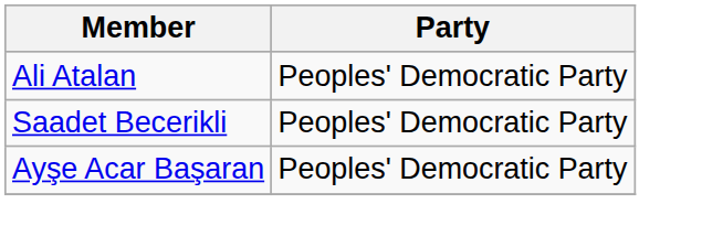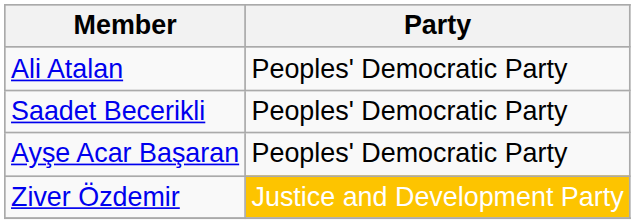 <table class="wikitable">
 <tr>
 <th>Member</th>
 <th>Party</th>
 </tr>
 <tr>
 <td><a href='#'>Ali Atalan</a></td>
 <td style="background:">Peoples' Democratic Party</td>
 </tr>
 <tr>
 <td><a href='#'>Saadet Becerikli</a></td>
 <td style="background:">Peoples' Democratic Party</td>
 </tr>
 <tr>
 <td><a href='#'>Ayşe Acar Başaran</a></td>
 <td style="background:">Peoples' Democratic Party</td>
 </tr>
 <tr>
+<td><a href='#'>Ziver Özdemir</a></td>
+<td style="background:#FDC400; color:white">Justice and Development Party</td>
+</tr>
+<tr>
 </tr>
 </table>
